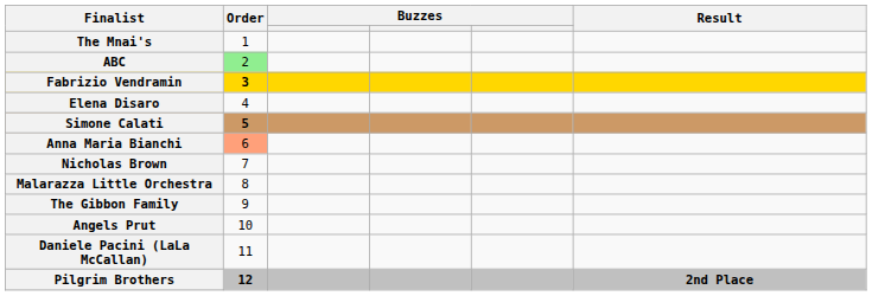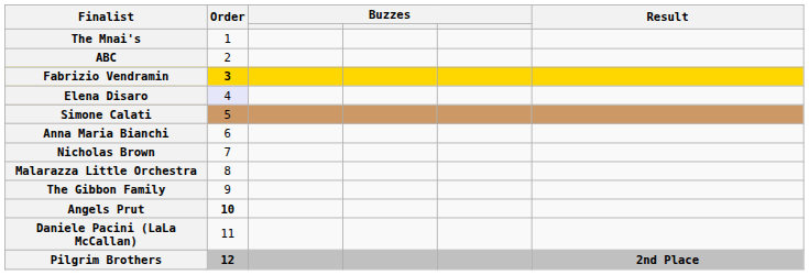 <table class="wikitable plainrowheaders sortable" style="text-align:center;">
 <tr>
 <th scope="col" rowspan=2 class="unsortable" style="width:17em;">Finalist</th>
 <th scope="col" rowspan=2 style="width:1em;">Order</th>
 <th scope="col" colspan=3 class="unsortable" style="width:24em;">Buzzes</th>
 <th scope="col" rowspan=2 style="width:23em;">Result</th>
 </tr>
 <tr>
 <th scope="col" class="unsortable" style="width:6em;"></th>
 <th scope="col" class="unsortable" style="width:6em;"></th>
 <th scope="col" class="unsortable" style="width:6em;"></th>
 </tr>
 <tr>
 <th scope="row">The Mnai's</th>
 <td>1</td>
 <td style="text-align:center;"></td>
 <td style="text-align:center;"></td>
 <td style="text-align:center;"></td>
 <td></td>
 </tr>
 <tr>
 <th scope="row">ABC</th>
-<td style="background: lightgreen;">2</td>
+<td>2</td>
 <td style="text-align:center;"></td>
 <td style="text-align:center;"></td>
 <td style="text-align:center;"></td>
 <td></td>
 </tr>
 <tr bgcolor=gold>
 <th scope="row"><strong>Fabrizio Vendramin</strong></th>
 <td><strong>3</strong></td>
 <td style="text-align:center;"></td>
 <td style="text-align:center;"></td>
 <td style="text-align:center;"></td>
 <td><strong></strong></td>
 </tr>
 <tr>
 <th scope="row">Elena Disaro</th>
-<td>4</td>
+<td style="background: lavender;">4</td>
 <td style="text-align:center;"></td>
 <td style="text-align:center;"></td>
 <td style="text-align:center;"></td>
 <td></td>
 </tr>
 <tr bgcolor=#c96>
 <th scope="row">Simone Calati</th>
-<td><strong>5</strong></td>
+<td>5</td>
 <td style="text-align:center;"></td>
 <td style="text-align:center;"></td>
 <td style="text-align:center;"></td>
 <td><strong></strong></td>
 </tr>
 <tr>
 <th scope="row">Anna Maria Bianchi</th>
-<td style="background: lightsalmon;">6</td>
+<td>6</td>
 <td style="text-align:center;"></td>
 <td style="text-align:center;"></td>
 <td style="text-align:center;"></td>
 <td></td>
 </tr>
 <tr>
 <th scope="row">Nicholas Brown</th>
 <td>7</td>
 <td style="text-align:center;"></td>
 <td style="text-align:center;"></td>
 <td style="text-align:center;"></td>
 <td></td>
 </tr>
 <tr>
 <th scope="row">Malarazza Little Orchestra</th>
 <td>8</td>
 <td style="text-align:center;"></td>
 <td style="text-align:center;"></td>
 <td style="text-align:center;"></td>
 <td></td>
 </tr>
 <tr>
 <th scope="row">The Gibbon Family</th>
 <td>9</td>
 <td style="text-align:center;"></td>
 <td style="text-align:center;"></td>
 <td style="text-align:center;"></td>
 <td></td>
 </tr>
 <tr>
 <th scope="row">Angels Prut</th>
-<td>10</td>
+<td><strong>10</strong></td>
 <td style="text-align:center;"></td>
 <td style="text-align:center;"></td>
 <td style="text-align:center;"></td>
 <td></td>
 </tr>
 <tr>
 <th scope="row">Daniele Pacini (LaLa McCallan)</th>
 <td>11</td>
 <td style="text-align:center;"></td>
 <td style="text-align:center;"></td>
 <td style="text-align:center;"></td>
 <td></td>
 </tr>
 <tr bgcolor=silver>
 <th scope="row"><strong>Pilgrim Brothers</strong></th>
 <td><strong>12</strong></td>
 <td style="text-align:center;"></td>
 <td style="text-align:center;"></td>
 <td style="text-align:center;"></td>
 <td><strong>2nd Place</strong></td>
 </tr>
 </table>
